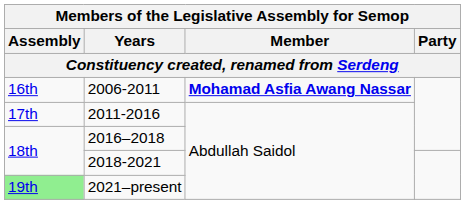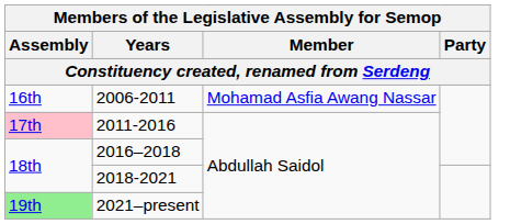 <table class=wikitable>
 <tr>
 <th colspan="4">Members of the Legislative Assembly for Semop</th>
 </tr>
 <tr>
 <th>Assembly</th>
 <th>Years</th>
 <th>Member</th>
 <th>Party</th>
 </tr>
 <tr>
 <th colspan=4 align=center><em>Constituency created, renamed from <a href='#'>Serdeng</a></em></th>
 </tr>
 <tr>
 <td><a href='#'>16th</a></td>
 <td>2006-2011</td>
-<td><strong><a href='#'>Mohamad Asfia Awang Nassar</a></strong></td>
+<td><a href='#'>Mohamad Asfia Awang Nassar</a></td>
 <td rowspan="3"></td>
 </tr>
 <tr>
-<td><a href='#'>17th</a></td>
+<td style="background: pink;"><a href='#'>17th</a></td>
 <td>2011-2016</td>
 <td rowspan="4">Abdullah Saidol</td>
 </tr>
 <tr>
 <td rowspan="2"><a href='#'>18th</a></td>
 <td>2016–2018</td>
 </tr>
 <tr>
 <td>2018-2021</td>
 <td rowspan=2></td>
 </tr>
 <tr>
 <td style="background: lightgreen;"><a href='#'>19th</a></td>
 <td>2021–present</td>
 </tr>
 </table>
